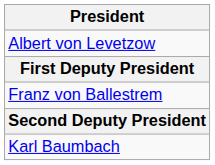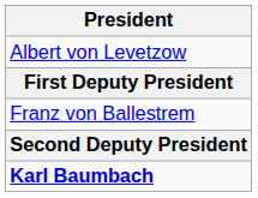 <table class="wikitable">
 <tr>
 <th>President</th>
 </tr>
 <tr>
 <td><a href='#'>Albert von Levetzow</a></td>
 </tr>
 <tr>
 <th>First Deputy President</th>
 </tr>
 <tr>
 <td><a href='#'>Franz von Ballestrem</a></td>
 </tr>
 <tr>
 <th>Second Deputy President</th>
 </tr>
 <tr>
-<td><a href='#'>Karl Baumbach</a></td>
+<td><strong><a href='#'>Karl Baumbach</a></strong></td>
 </tr>
 </table>
